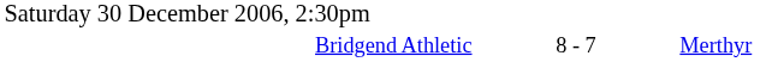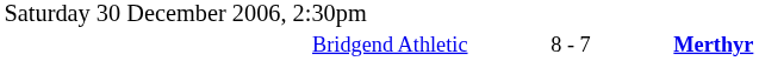 <table style="width:70%;" cellspacing="1">
 <tr>
 <th width=35%></th>
 <th width=15%></th>
 <th></th>
 </tr>
 <tr>
 <td>Saturday 30 December 2006, 2:30pm</td>
 </tr>
 <tr style=font-size:90%>
 <td align=right><a href='#'>Bridgend Athletic</a></td>
 <td align=center>8 - 7</td>
-<td><a href='#'>Merthyr</a></td>
+<td><strong><a href='#'>Merthyr</a></strong></td>
 </tr>
 </table>
